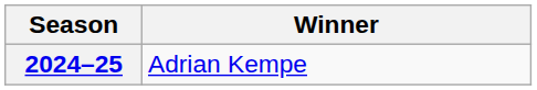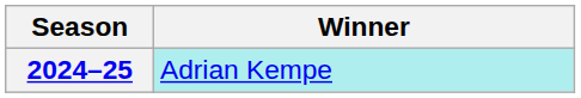 <table class="wikitable">
 <tr>
 <th scope="col" style="width:5em">Season</th>
 <th scope="col" style="width:15em">Winner</th>
 </tr>
 <tr>
 <th scope="row"><a href='#'>2024–25</a></th>
-<td><a href='#'>Adrian Kempe</a></td>
+<td style="background: paleturquoise;"><a href='#'>Adrian Kempe</a></td>
 </tr>
 </table>
